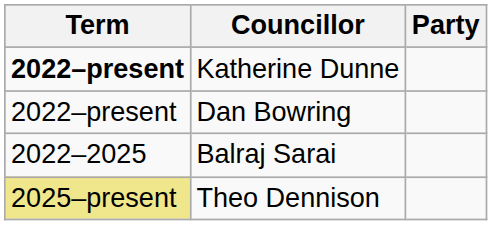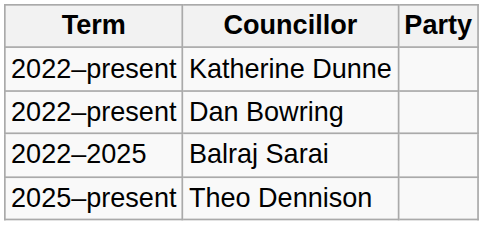 <table class="wikitable">
 <tr>
 <th>Term</th>
 <th>Councillor</th>
 <th colspan=2>Party</th>
 </tr>
 <tr>
-<td><strong>2022–present</strong></td>
+<td>2022–present</td>
 <td>Katherine Dunne</td>
 <td></td>
 </tr>
 <tr>
 <td>2022–present</td>
 <td>Dan Bowring</td>
 <td></td>
 </tr>
 <tr>
 <td>2022–2025</td>
 <td>Balraj Sarai</td>
 <td></td>
 </tr>
 <tr>
-<td style="background: khaki;">2025–present</td>
+<td>2025–present</td>
 <td>Theo Dennison</td>
 <td></td>
 </tr>
 </table>
